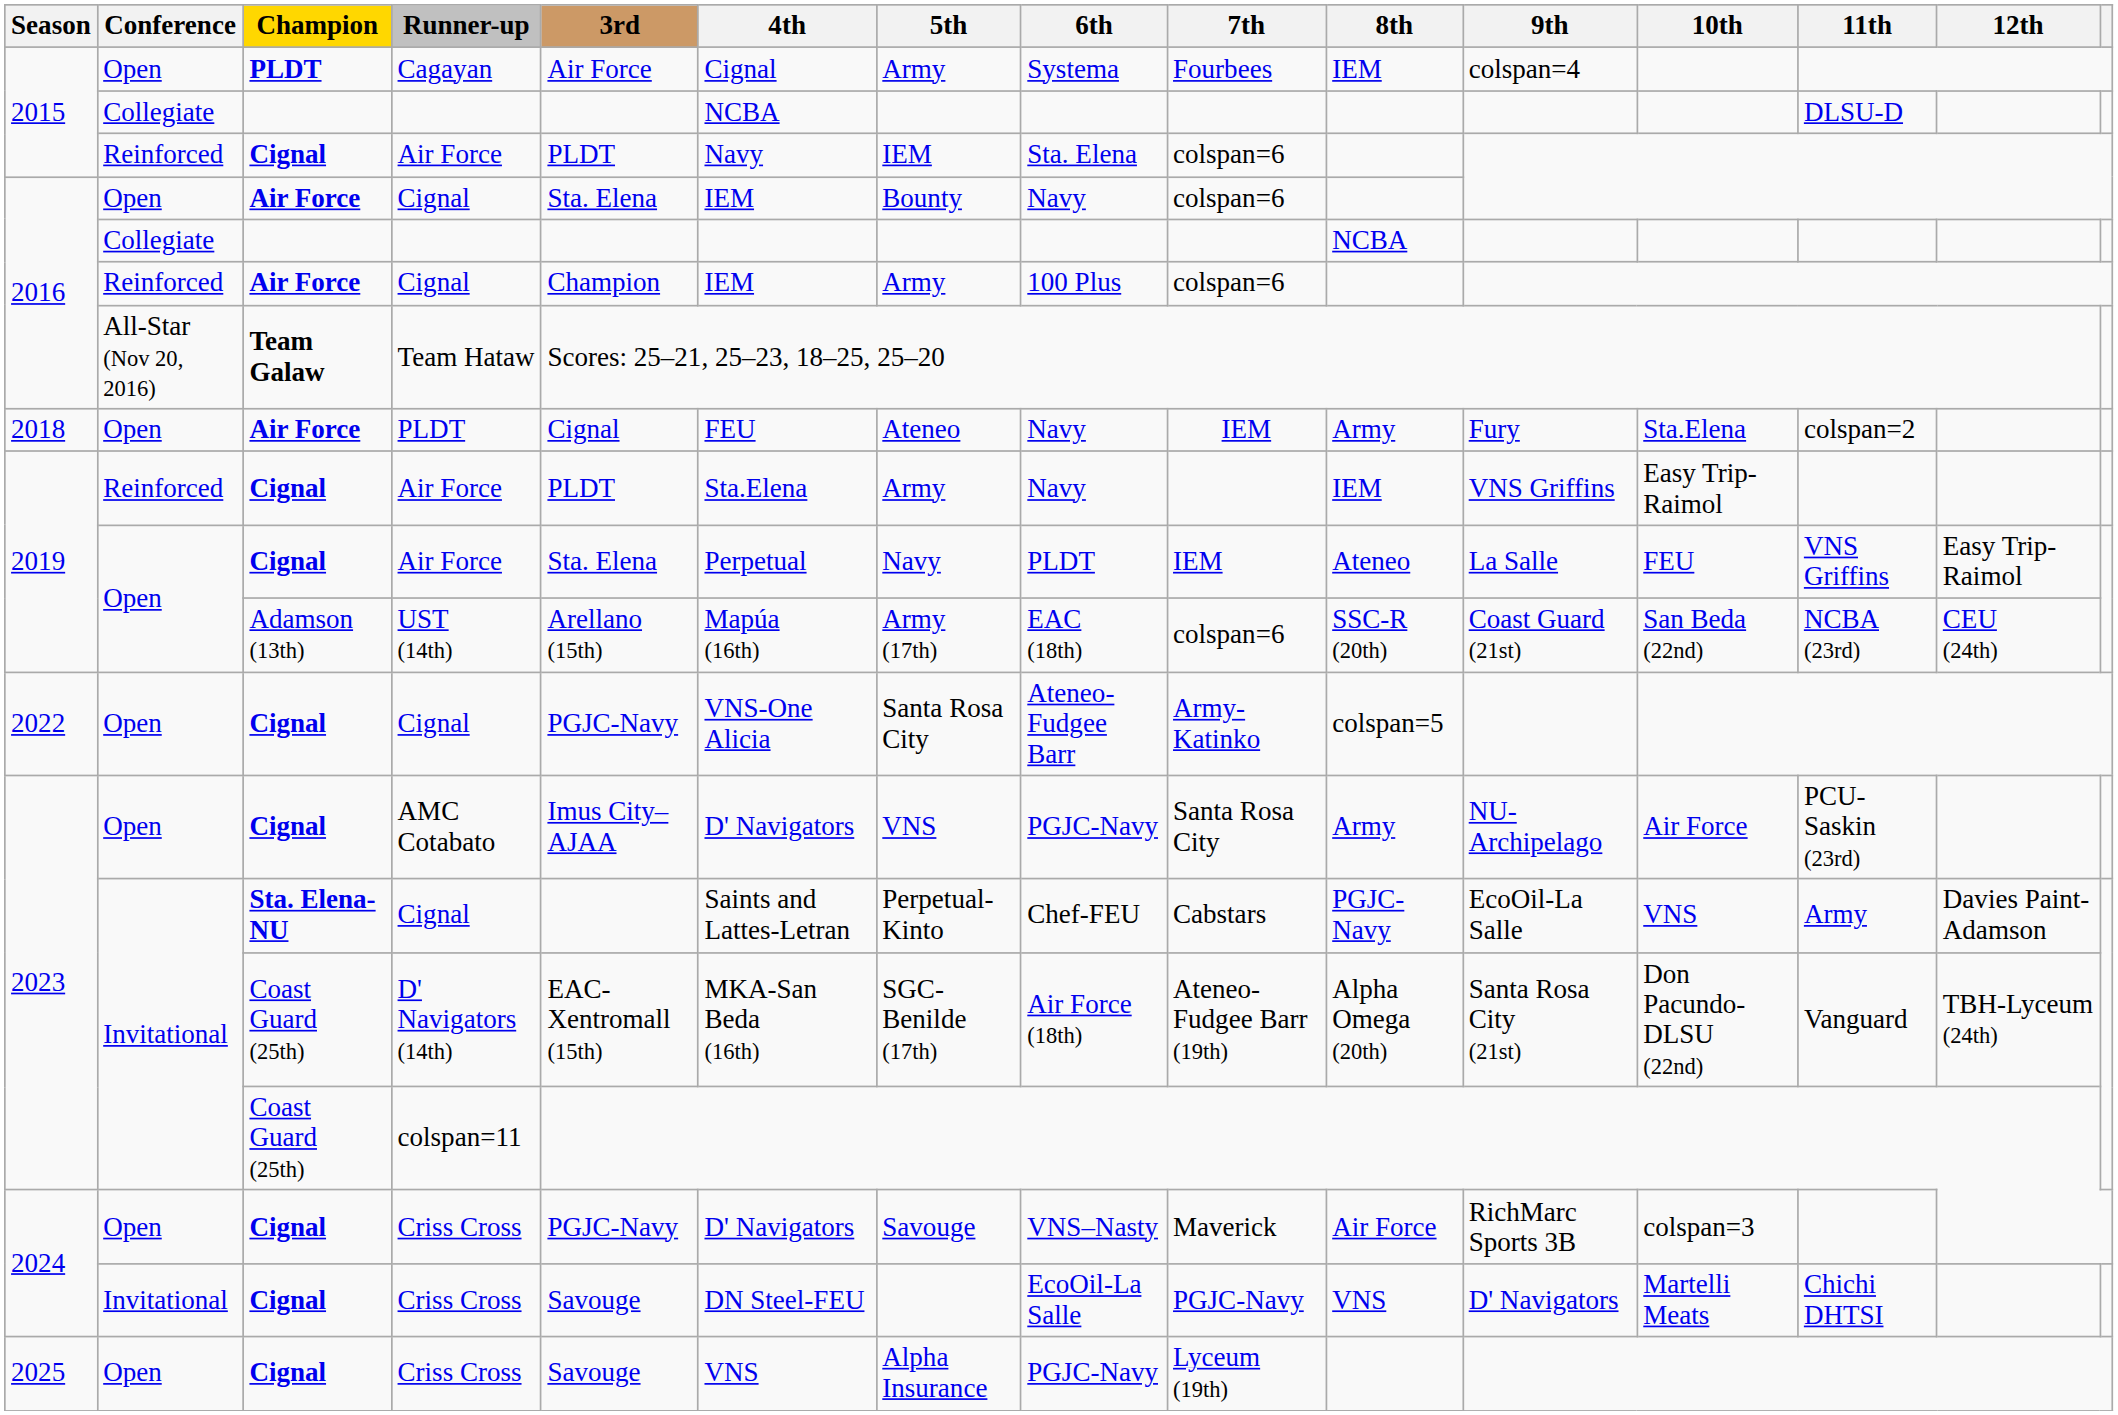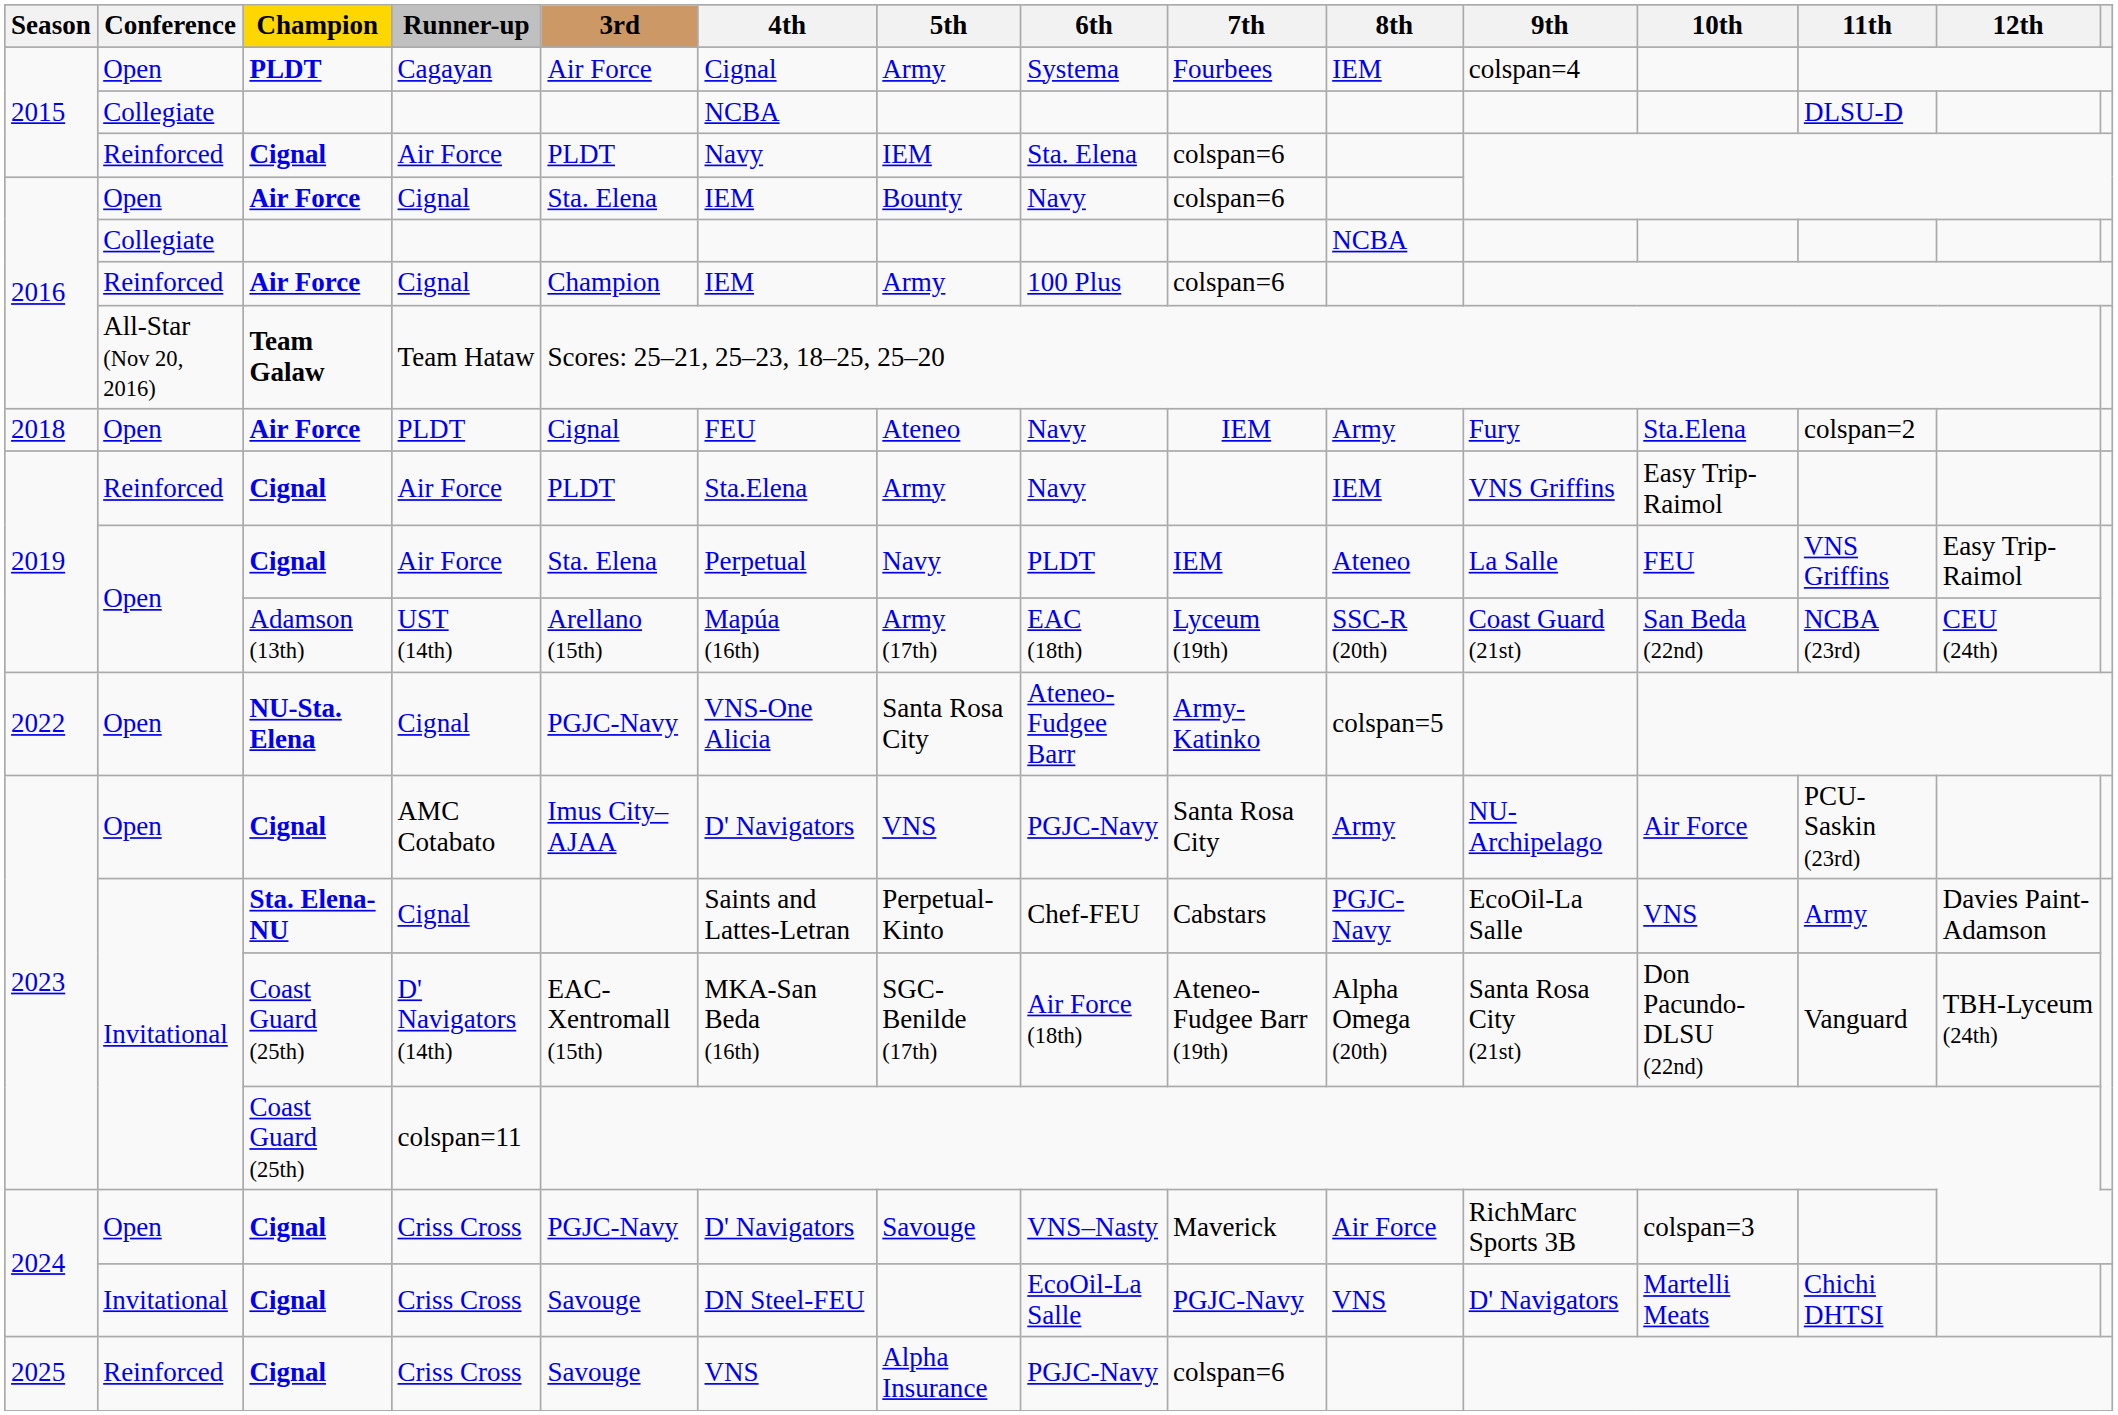 <table class="wikitable">
 <tr>
 <th>Season</th>
 <th>Conference</th>
 <th style="background:gold">Champion</th>
 <th style="background:silver">Runner-up</th>
 <th style="background:#CC9966">3rd</th>
 <th>4th</th>
 <th>5th</th>
 <th>6th</th>
 <th>7th</th>
 <th>8th</th>
 <th>9th</th>
 <th>10th</th>
 <th>11th</th>
 <th>12th</th>
 <th></th>
 </tr>
 <tr>
 <td rowspan=3><a href='#'>2015</a></td>
 <td><a href='#'>Open</a></td>
 <td><strong><a href='#'>PLDT</a></strong></td>
 <td><a href='#'>Cagayan</a></td>
 <td><a href='#'>Air Force</a></td>
 <td><a href='#'>Cignal</a></td>
 <td><a href='#'>Army</a></td>
 <td><a href='#'>Systema</a></td>
 <td><a href='#'>Fourbees</a></td>
 <td><a href='#'>IEM</a></td>
 <td>colspan=4 </td>
 <td></td>
 </tr>
 <tr>
 <td><a href='#'>Collegiate</a></td>
 <td><strong></strong></td>
 <td></td>
 <td></td>
 <td> <a href='#'>NCBA</a></td>
 <td></td>
 <td></td>
 <td></td>
 <td></td>
 <td></td>
 <td></td>
 <td> <a href='#'>DLSU-D</a></td>
 <td></td>
 <td><br></td>
 </tr>
 <tr>
 <td><a href='#'>Reinforced</a></td>
 <td><strong><a href='#'>Cignal</a></strong></td>
 <td><a href='#'>Air Force</a></td>
 <td><a href='#'>PLDT</a></td>
 <td><a href='#'>Navy</a></td>
 <td><a href='#'>IEM</a></td>
 <td><a href='#'>Sta. Elena</a></td>
 <td>colspan=6 </td>
 <td></td>
 </tr>
 <tr>
 <td rowspan=4><a href='#'>2016</a></td>
 <td><a href='#'>Open</a></td>
 <td><strong><a href='#'>Air Force</a></strong></td>
 <td><a href='#'>Cignal</a></td>
 <td><a href='#'>Sta. Elena</a></td>
 <td><a href='#'>IEM</a></td>
 <td><a href='#'>Bounty</a></td>
 <td><a href='#'>Navy</a></td>
 <td>colspan=6 </td>
 <td></td>
 </tr>
 <tr>
 <td><a href='#'>Collegiate</a></td>
 <td><strong></strong></td>
 <td></td>
 <td></td>
 <td></td>
 <td></td>
 <td></td>
 <td></td>
 <td> <a href='#'>NCBA</a></td>
 <td></td>
 <td></td>
 <td></td>
 <td></td>
 <td></td>
 </tr>
 <tr>
 <td><a href='#'>Reinforced</a></td>
 <td><strong><a href='#'>Air Force</a></strong></td>
 <td><a href='#'>Cignal</a></td>
 <td><a href='#'>Champion</a></td>
 <td><a href='#'>IEM</a></td>
 <td><a href='#'>Army</a></td>
 <td><a href='#'>100 Plus</a></td>
 <td>colspan=6 </td>
 <td></td>
 </tr>
 <tr>
 <td>All-Star<br><small>(Nov 20, 2016)</small></td>
 <td><strong>Team Galaw</strong></td>
 <td>Team Hataw</td>
 <td align=left colspan=10>Scores: 25–21, 25–23, 18–25, 25–20 </td>
 <td><br></td>
 </tr>
 <tr>
 <td><a href='#'>2018</a></td>
 <td><a href='#'>Open</a></td>
 <td><strong><a href='#'>Air Force</a></strong></td>
 <td><a href='#'>PLDT</a></td>
 <td><a href='#'>Cignal</a></td>
 <td><a href='#'>FEU</a></td>
 <td><a href='#'>Ateneo</a></td>
 <td><a href='#'>Navy</a></td>
 <td align=center><a href='#'>IEM</a></td>
 <td><a href='#'>Army</a></td>
 <td><a href='#'>Fury</a></td>
 <td><a href='#'>Sta.Elena</a></td>
 <td>colspan=2 </td>
 <td></td>
 </tr>
 <tr>
 <td rowspan=3><a href='#'>2019</a></td>
 <td><a href='#'>Reinforced</a></td>
 <td><strong><a href='#'>Cignal</a></strong></td>
 <td><a href='#'>Air Force</a></td>
 <td><a href='#'>PLDT</a></td>
 <td><a href='#'>Sta.Elena</a></td>
 <td><a href='#'>Army</a></td>
 <td><a href='#'>Navy</a></td>
 <td></td>
 <td><a href='#'>IEM</a></td>
 <td><a href='#'>VNS Griffins</a></td>
 <td>Easy Trip-Raimol</td>
 <td></td>
 <td></td>
 <td></td>
 </tr>
 <tr>
 <td rowspan=2><a href='#'>Open</a></td>
 <td><strong><a href='#'>Cignal</a></strong></td>
 <td><a href='#'>Air Force</a></td>
 <td><a href='#'>Sta. Elena</a></td>
 <td><a href='#'>Perpetual</a></td>
 <td><a href='#'>Navy</a></td>
 <td><a href='#'>PLDT</a></td>
 <td><a href='#'>IEM</a></td>
 <td><a href='#'>Ateneo</a></td>
 <td><a href='#'>La Salle</a></td>
 <td><a href='#'>FEU</a></td>
 <td><a href='#'>VNS Griffins</a></td>
 <td>Easy Trip-Raimol</td>
 <td rowspan=2></td>
 </tr>
 <tr>
 <td><a href='#'>Adamson</a><small><br>(13th)</small></td>
 <td><a href='#'>UST</a><small><br>(14th)</small></td>
 <td><a href='#'>Arellano</a><small><br>(15th)</small></td>
 <td><a href='#'>Mapúa</a><small><br>(16th)</small></td>
 <td><a href='#'>Army</a><small><br>(17th)</small></td>
 <td><a href='#'>EAC</a><small><br>(18th)</small></td>
-<td>colspan=6 </td>
+<td><a href='#'>Lyceum</a><small><br>(19th)</small></td>
 <td><a href='#'>SSC-R</a><small><br>(20th)</small></td>
 <td><a href='#'>Coast Guard</a><small><br>(21st)</small></td>
 <td><a href='#'>San Beda</a><small><br>(22nd)</small></td>
 <td><a href='#'>NCBA</a><small><br>(23rd)</small></td>
 <td><a href='#'>CEU</a><small><br>(24th)</small></td>
 </tr>
 <tr>
 <td><a href='#'>2022</a></td>
 <td><a href='#'>Open</a></td>
-<td><strong><a href='#'>Cignal</a></strong></td>
+<td><strong><a href='#'>NU-Sta. Elena</a></strong></td>
 <td><a href='#'>Cignal</a></td>
 <td><a href='#'>PGJC-Navy</a></td>
 <td><a href='#'>VNS-One Alicia</a></td>
 <td>Santa Rosa City</td>
 <td><a href='#'>Ateneo-Fudgee Barr</a></td>
 <td><a href='#'>Army-Katinko</a></td>
 <td>colspan=5 </td>
 <td></td>
 </tr>
 <tr>
 <td rowspan=4><a href='#'>2023</a></td>
 <td><a href='#'>Open</a></td>
 <td><strong><a href='#'>Cignal</a></strong></td>
 <td>AMC Cotabato</td>
 <td><a href='#'>Imus City–AJAA</a></td>
 <td><a href='#'>D' Navigators</a></td>
 <td><a href='#'>VNS</a></td>
 <td><a href='#'>PGJC-Navy</a></td>
 <td>Santa Rosa City</td>
 <td><a href='#'>Army</a></td>
 <td><a href='#'>NU-Archipelago</a></td>
 <td><a href='#'>Air Force</a></td>
 <td>PCU-Saskin<small><br>(23rd)</small></td>
 <td></td>
 <td></td>
 </tr>
 <tr>
 <td rowspan=3><a href='#'>Invitational</a></td>
 <td><strong><a href='#'>Sta. Elena-NU</a></strong></td>
 <td><a href='#'>Cignal</a></td>
 <td></td>
 <td>Saints and Lattes-Letran</td>
 <td>Perpetual-Kinto</td>
 <td>Chef-FEU</td>
 <td>Cabstars</td>
 <td><a href='#'>PGJC-Navy</a></td>
 <td>EcoOil-La Salle</td>
 <td><a href='#'>VNS</a></td>
 <td><a href='#'>Army</a></td>
 <td>Davies Paint-Adamson</td>
 <td rowspan=3></td>
 </tr>
 <tr>
 <td><a href='#'>Coast Guard</a><small><br>(25th)</small></td>
 <td><a href='#'>D' Navigators</a><small><br>(14th)</small></td>
 <td>EAC-Xentromall<small><br>(15th)</small></td>
 <td>MKA-San Beda<small><br>(16th)</small></td>
 <td>SGC-Benilde<small><br>(17th)</small></td>
 <td><a href='#'>Air Force</a><small><br>(18th)</small></td>
 <td>Ateneo-Fudgee Barr<small><br>(19th)</small></td>
 <td>Alpha Omega<small><br>(20th)</small></td>
 <td>Santa Rosa City<small><br>(21st)</small></td>
 <td>Don Pacundo-DLSU<small><br>(22nd)</small></td>
 <td>Vanguard</td>
 <td>TBH-Lyceum<small><br>(24th)</small></td>
 </tr>
 <tr>
 <td><a href='#'>Coast Guard</a><small><br>(25th)</small></td>
 <td>colspan=11 </td>
 </tr>
 <tr>
 <td rowspan=2><a href='#'>2024</a></td>
 <td><a href='#'>Open</a></td>
 <td><strong><a href='#'>Cignal</a></strong></td>
 <td><a href='#'>Criss Cross</a></td>
 <td><a href='#'>PGJC-Navy</a></td>
 <td><a href='#'>D' Navigators</a></td>
 <td><a href='#'>Savouge</a></td>
 <td><a href='#'>VNS–Nasty</a></td>
 <td>Maverick</td>
 <td><a href='#'>Air Force</a></td>
 <td>RichMarc Sports 3B</td>
 <td>colspan=3 </td>
 <td></td>
 </tr>
 <tr>
 <td><a href='#'>Invitational</a></td>
 <td><strong><a href='#'>Cignal</a></strong></td>
 <td><a href='#'>Criss Cross</a></td>
 <td><a href='#'>Savouge</a></td>
 <td><a href='#'>DN Steel-FEU</a></td>
 <td></td>
 <td><a href='#'>EcoOil-La Salle</a></td>
 <td><a href='#'>PGJC-Navy</a></td>
 <td><a href='#'>VNS</a></td>
 <td><a href='#'>D' Navigators</a></td>
 <td><a href='#'>Martelli Meats</a></td>
 <td><a href='#'>Chichi DHTSI</a></td>
 <td></td>
 <td></td>
 </tr>
 <tr>
 <td rowspan=2><a href='#'>2025</a></td>
-<td><a href='#'>Open</a></td>
+<td><a href='#'>Reinforced</a></td>
 <td><strong><a href='#'>Cignal</a></strong></td>
 <td><a href='#'>Criss Cross</a></td>
 <td><a href='#'>Savouge</a></td>
 <td><a href='#'>VNS</a></td>
 <td><a href='#'>Alpha Insurance</a></td>
 <td><a href='#'>PGJC-Navy</a></td>
-<td><a href='#'>Lyceum</a><small><br>(19th)</small></td>
+<td>colspan=6 </td>
 <td></td>
 </tr>
 <tr>
 </tr>
 </table>
